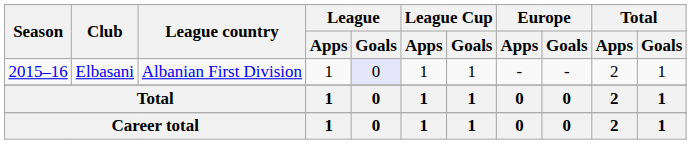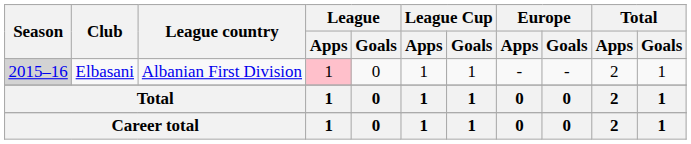 <table class="wikitable" style="text-align: center;">
 <tr>
 <th rowspan="2">Season</th>
 <th rowspan="2">Club</th>
 <th rowspan="2">League country</th>
 <th colspan="2">League</th>
 <th colspan="2">League Cup</th>
 <th colspan="2">Europe</th>
 <th colspan="2">Total</th>
 </tr>
 <tr>
 <th>Apps</th>
 <th>Goals</th>
 <th>Apps</th>
 <th>Goals</th>
 <th>Apps</th>
 <th>Goals</th>
 <th>Apps</th>
 <th>Goals</th>
 </tr>
 <tr>
-<td rowspan="1"><a href='#'>2015–16</a></td>
+<td rowspan="1" style="background: lightgrey;"><a href='#'>2015–16</a></td>
 <td rowspan="1" valign="center"><a href='#'>Elbasani</a></td>
 <td rowspan="1"><a href='#'>Albanian First Division</a></td>
-<td>1</td>
-<td style="background: lavender;">0</td>
+<td style="background: pink;">1</td>
+<td>0</td>
 <td>1</td>
 <td>1</td>
 <td>-</td>
 <td>-</td>
 <td>2</td>
 <td>1</td>
 </tr>
 <tr>
 </tr>
 <tr>
 <th colspan="3" valign="center">Total</th>
 <th>1</th>
 <th>0</th>
 <th>1</th>
 <th>1</th>
 <th>0</th>
 <th>0</th>
 <th>2</th>
 <th>1</th>
 </tr>
 <tr>
 </tr>
 <tr>
 <th colspan="3">Career total</th>
 <th>1</th>
 <th>0</th>
 <th>1</th>
 <th>1</th>
 <th>0</th>
 <th>0</th>
 <th>2</th>
 <th>1</th>
 </tr>
 </table>
